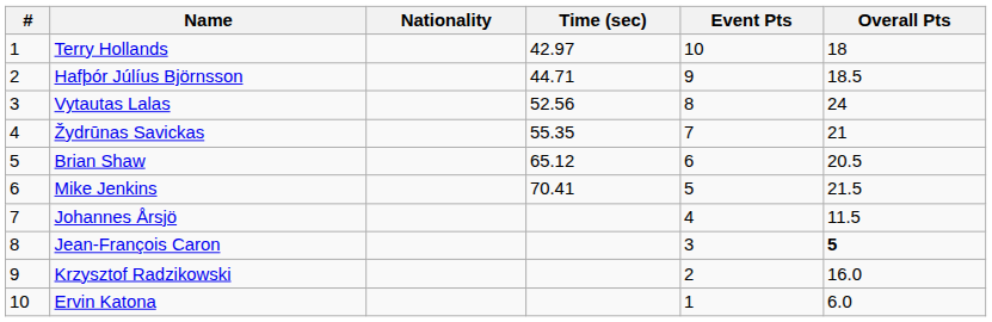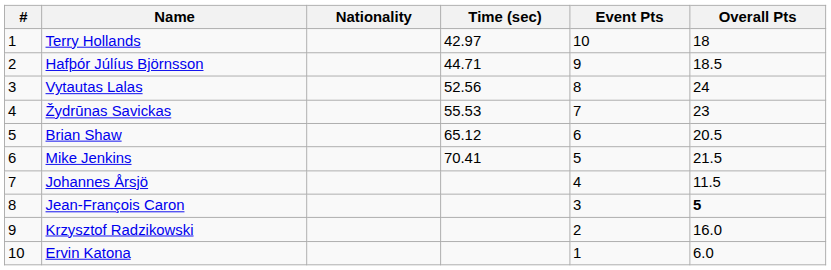 <table class="wikitable sortable" style="display: inline-table; width: 100%;">
 <tr>
 <th>#</th>
 <th>Name</th>
 <th>Nationality</th>
 <th>Time (sec)</th>
 <th>Event Pts</th>
 <th>Overall Pts</th>
 </tr>
 <tr>
 <td>1</td>
 <td><a href='#'>Terry Hollands</a></td>
 <td></td>
 <td>42.97</td>
 <td>10</td>
 <td>18</td>
 </tr>
 <tr>
 <td>2</td>
 <td><a href='#'>Hafþór Júlíus Björnsson</a></td>
 <td></td>
 <td>44.71</td>
 <td>9</td>
 <td>18.5</td>
 </tr>
 <tr>
 <td>3</td>
 <td><a href='#'>Vytautas Lalas</a></td>
 <td></td>
 <td>52.56</td>
 <td>8</td>
 <td>24</td>
 </tr>
 <tr>
 <td>4</td>
 <td><a href='#'>Žydrūnas Savickas</a></td>
 <td></td>
-<td>55.35</td>
+<td>55.53</td>
 <td>7</td>
-<td>21</td>
+<td>23</td>
 </tr>
 <tr>
 <td>5</td>
 <td><a href='#'>Brian Shaw</a></td>
 <td></td>
 <td>65.12</td>
 <td>6</td>
 <td>20.5</td>
 </tr>
 <tr>
 <td>6</td>
 <td><a href='#'>Mike Jenkins</a></td>
 <td></td>
 <td>70.41</td>
 <td>5</td>
 <td>21.5</td>
 </tr>
 <tr>
 <td>7</td>
 <td><a href='#'>Johannes Årsjö</a></td>
 <td></td>
 <td></td>
 <td>4</td>
 <td>11.5</td>
 </tr>
 <tr>
 <td>8</td>
 <td><a href='#'>Jean-François Caron</a></td>
 <td></td>
 <td></td>
 <td>3</td>
 <td><strong>5</strong></td>
 </tr>
 <tr>
 <td>9</td>
 <td><a href='#'>Krzysztof Radzikowski</a></td>
 <td></td>
 <td></td>
 <td>2</td>
 <td>16.0</td>
 </tr>
 <tr>
 <td>10</td>
 <td><a href='#'>Ervin Katona</a></td>
 <td></td>
 <td></td>
 <td>1</td>
 <td>6.0</td>
 </tr>
 </table>
